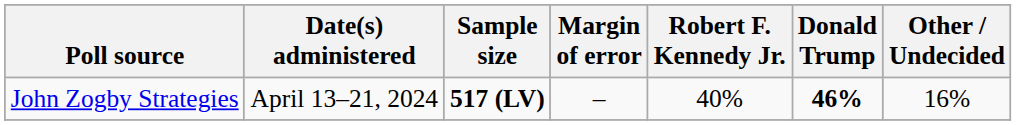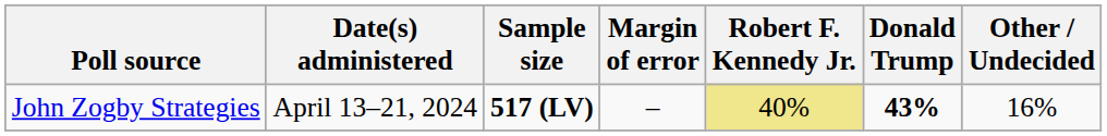 <table class="wikitable sortable mw-datatable" style="font-size:90%;text-align:center;line-height:17px">
 <tr valign=bottom>
 <th>Poll source</th>
 <th>Date(s)<br>administered</th>
 <th>Sample<br>size</th>
 <th>Margin<br>of error</th>
 <th class="unsortable">Robert F.<br>Kennedy Jr.<br></th>
 <th class="unsortable">Donald<br>Trump<br></th>
 <th class="unsortable">Other /<br>Undecided</th>
 </tr>
 <tr>
 <td style="text-align:left;"><a href='#'>John Zogby Strategies</a></td>
 <td data-sort-value="2024-05-01">April 13–21, 2024</td>
 <td><strong>517 (LV)</strong></td>
 <td>–</td>
-<td>40%</td>
-<td style="background-color:"><strong>46%</strong></td>
+<td style="background: khaki;">40%</td>
+<td style="background-color:"><strong>43%</strong></td>
 <td>16%</td>
 </tr>
 </table>
